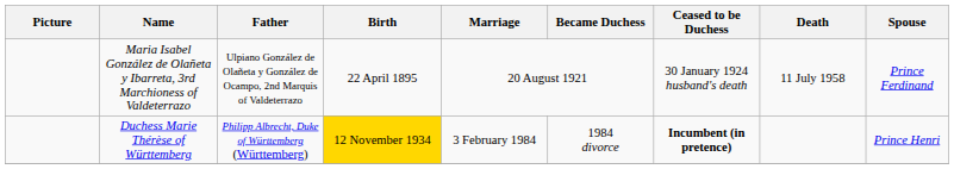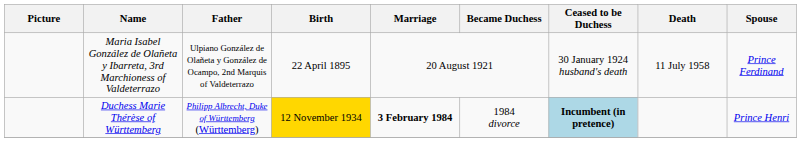 <table width=95% class="wikitable">
 <tr>
 <th width = "8%">Picture</th>
 <th width = "10%">Name</th>
 <th width = "9%">Father</th>
 <th width = "10%">Birth</th>
 <th width = "9%">Marriage</th>
 <th width = "9%">Became Duchess</th>
 <th width = "9%">Ceased to be Duchess</th>
 <th width = "9%">Death</th>
 <th width = "7%">Spouse</th>
 </tr>
 <tr>
 <td align="center"></td>
 <td align="center"><em>Maria Isabel González de Olañeta y Ibarreta, 3rd Marchioness of Valdeterrazo</em></td>
 <td align="center"><small>Ulpiano González de Olañeta y González de Ocampo, 2nd Marquis of Valdeterrazo</small></td>
 <td align="center">22 April 1895</td>
 <td align="center" colspan="2">20 August 1921</td>
 <td align="center">30 January 1924<br><em>husband's death</em></td>
 <td align="center">11 July 1958</td>
 <td align="center"><a href='#'><em>Prince Ferdinand</em></a></td>
 </tr>
 <tr>
 <td align="center"></td>
 <td align="center"><em><a href='#'>Duchess Marie Thérèse of Württemberg</a></em><br></td>
 <td align="center"><small><em><a href='#'>Philipp Albrecht, Duke of Württemberg</a></em></small><br>(<a href='#'>Württemberg</a>)</td>
 <td align="center" style="background: gold;">12 November 1934</td>
-<td align="center">3 February 1984</td>
+<td align="center"><strong>3 February 1984</strong></td>
 <td align="center">1984<br><em>divorce</em></td>
-<td align="center"><strong>Incumbent (in pretence)</strong></td>
+<td align="center" style="background: lightblue;"><strong>Incumbent (in pretence)</strong></td>
 <td align="center"></td>
 <td align="center"><a href='#'><em>Prince Henri</em></a></td>
 </tr>
 <tr>
 </tr>
 </table>
